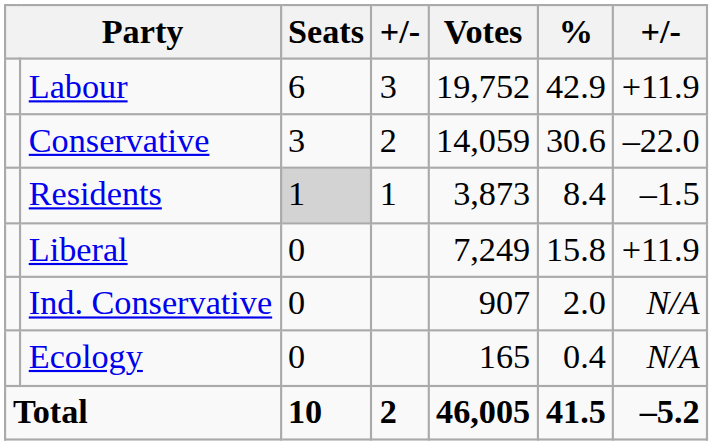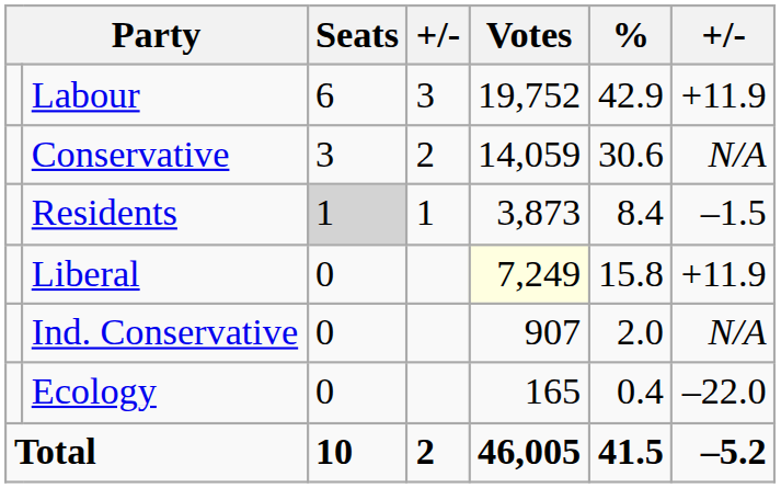 <table class="wikitable sortable">
 <tr>
 <th colspan="2">Party</th>
 <th>Seats</th>
 <th>+/-</th>
 <th>Votes</th>
 <th>%</th>
 <th>+/-</th>
 </tr>
 <tr>
 <td style="background-color: "></td>
 <td><a href='#'>Labour</a></td>
 <td>6</td>
 <td> 3</td>
 <td style="text-align:right;">19,752</td>
 <td style="text-align:right;">42.9</td>
 <td style="text-align:right;">+11.9</td>
 </tr>
 <tr>
 <td style="background-color: "></td>
 <td><a href='#'>Conservative</a></td>
 <td>3</td>
 <td> 2</td>
 <td style="text-align:right;">14,059</td>
 <td style="text-align:right;">30.6</td>
-<td style="text-align:right;">–22.0</td>
+<td style="text-align:right;"><em>N/A</em></td>
 </tr>
 <tr>
 <td style="background-color: "></td>
 <td><a href='#'>Residents</a></td>
 <td style="background: lightgrey;">1</td>
 <td> 1</td>
 <td style="text-align:right;">3,873</td>
 <td style="text-align:right;">8.4</td>
 <td style="text-align:right;">–1.5</td>
 </tr>
 <tr>
 <td style="background-color: "></td>
 <td><a href='#'>Liberal</a></td>
 <td>0</td>
 <td></td>
-<td style="text-align:right;">7,249</td>
+<td style="background: lightyellow; text-align:right;">7,249</td>
 <td style="text-align:right;">15.8</td>
 <td style="text-align:right;">+11.9</td>
 </tr>
 <tr>
 <td style="background-color: "></td>
 <td><a href='#'>Ind. Conservative</a></td>
 <td>0</td>
 <td></td>
 <td style="text-align:right;">907</td>
 <td style="text-align:right;">2.0</td>
 <td style="text-align:right;"><em>N/A</em></td>
 </tr>
 <tr>
 <td style="background-color: "></td>
 <td><a href='#'>Ecology</a></td>
 <td>0</td>
 <td></td>
 <td style="text-align:right;">165</td>
 <td style="text-align:right;">0.4</td>
-<td style="text-align:right;"><em>N/A</em></td>
+<td style="text-align:right;">–22.0</td>
 </tr>
 <tr>
 <td colspan="2"><strong>Total</strong></td>
 <td><strong>10</strong></td>
 <td> <strong>2</strong></td>
 <td style="text-align:right;"><strong>46,005</strong></td>
 <td style="text-align:right;"><strong>41.5</strong></td>
 <td style="text-align:right;"><strong>–5.2</strong></td>
 </tr>
 </table>
